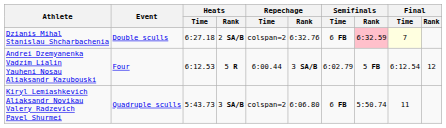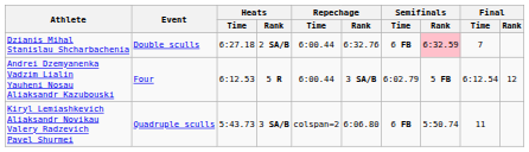 <table class="wikitable" style="font-size:90%">
 <tr>
 <th rowspan="2">Athlete</th>
 <th rowspan="2">Event</th>
 <th colspan="2">Heats</th>
 <th colspan="2">Repechage</th>
 <th colspan="2">Semifinals</th>
 <th colspan="2">Final</th>
 </tr>
 <tr style="font-size:95%">
 <th>Time</th>
 <th>Rank</th>
 <th>Time</th>
 <th>Rank</th>
 <th>Time</th>
 <th>Rank</th>
 <th>Time</th>
 <th>Rank</th>
 </tr>
 <tr align=center>
 <td align=left><a href='#'>Dzianis Mihal</a><br><a href='#'>Stanislau Shcharbachenia</a></td>
 <td align=left><a href='#'>Double sculls</a></td>
 <td>6:27.18</td>
 <td>2 <strong>SA/B</strong></td>
-<td>colspan=2 </td>
+<td>6:00.44</td>
 <td>6:32.76</td>
 <td>6 <strong>FB</strong></td>
 <td style="background: pink;">6:32.59</td>
-<td style="background: lightyellow;">7</td>
+<td>7</td>
 </tr>
 <tr align=center>
 <td align=left><a href='#'>Andrei Dzemyanenka</a><br><a href='#'>Vadzim Lialin</a><br><a href='#'>Yauheni Nosau</a><br><a href='#'>Aliaksandr Kazubouski</a></td>
 <td align=left><a href='#'>Four</a></td>
 <td>6:12.53</td>
 <td>5 <strong>R</strong></td>
 <td>6:00.44</td>
 <td>3 <strong>SA/B</strong></td>
 <td>6:02.79</td>
 <td>5 <strong>FB</strong></td>
 <td>6:12.54</td>
 <td>12</td>
 </tr>
 <tr align=center>
 <td align=left><a href='#'>Kiryl Lemiashkevich</a><br><a href='#'>Aliaksandr Novikau</a><br><a href='#'>Valery Radzevich</a><br><a href='#'>Pavel Shurmei</a></td>
 <td align=left><a href='#'>Quadruple sculls</a></td>
 <td>5:43.73</td>
 <td>3 <strong>SA/B</strong></td>
 <td>colspan=2 </td>
 <td>6:06.80</td>
 <td>6 <strong>FB</strong></td>
 <td>5:50.74</td>
 <td>11</td>
 </tr>
 </table>
